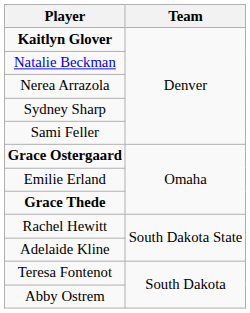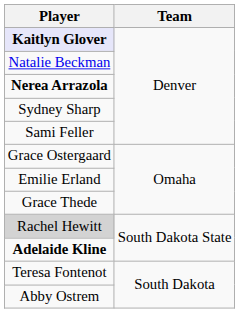 <table class="wikitable" style="text-align: center;">
 <tr>
 <th>Player</th>
 <th>Team</th>
 </tr>
 <tr>
-<td><strong>Kaitlyn Glover</strong></td>
+<td style="background: lavender;"><strong>Kaitlyn Glover</strong></td>
 <td rowspan=5>Denver</td>
 </tr>
 <tr>
 <td><a href='#'>Natalie Beckman</a></td>
 </tr>
 <tr>
-<td>Nerea Arrazola</td>
+<td><strong>Nerea Arrazola</strong></td>
 </tr>
 <tr>
 <td>Sydney Sharp</td>
 </tr>
 <tr>
 <td>Sami Feller</td>
 </tr>
 <tr>
-<td><strong>Grace Ostergaard</strong></td>
+<td>Grace Ostergaard</td>
 <td rowspan=3>Omaha</td>
 </tr>
 <tr>
 <td>Emilie Erland</td>
 </tr>
 <tr>
-<td><strong>Grace Thede</strong></td>
+<td>Grace Thede</td>
 </tr>
 <tr>
-<td>Rachel Hewitt</td>
+<td style="background: lightgrey;">Rachel Hewitt</td>
 <td rowspan=2>South Dakota State</td>
 </tr>
 <tr>
-<td>Adelaide Kline</td>
+<td><strong>Adelaide Kline</strong></td>
 </tr>
 <tr>
 <td>Teresa Fontenot</td>
 <td rowspan=2>South Dakota</td>
 </tr>
 <tr>
 <td>Abby Ostrem</td>
 </tr>
 </table>
